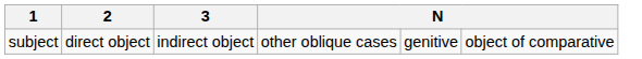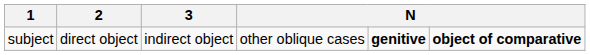 <table class="wikitable" border="1">
 <tr>
 <th colspan="1">1</th>
 <th colspan="1">2</th>
 <th colspan="1">3</th>
 <th colspan="3">N</th>
 </tr>
 <tr>
 <td>subject</td>
 <td>direct object</td>
 <td>indirect object</td>
 <td>other oblique cases</td>
-<td>genitive</td>
-<td>object of comparative</td>
+<td><strong>genitive</strong></td>
+<td><strong>object of comparative</strong></td>
 </tr>
 </table>
